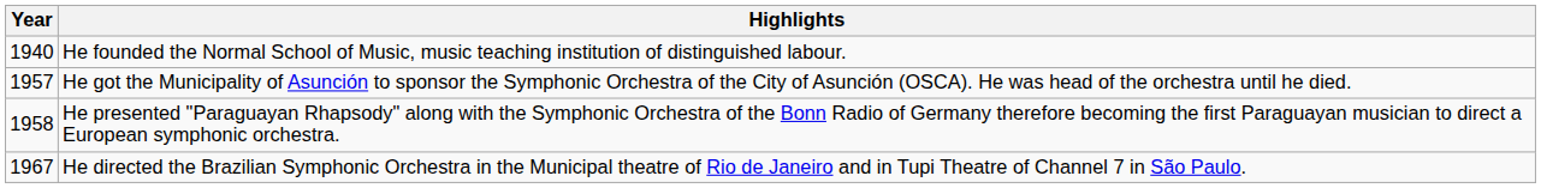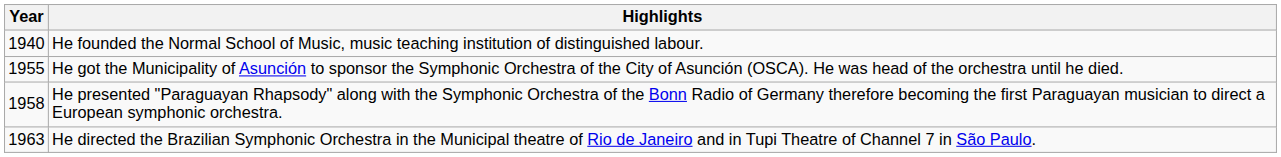 <table class="wikitable">
 <tr>
 <th>Year</th>
 <th>Highlights</th>
 </tr>
 <tr ------>
 <td>1940</td>
 <td>He founded the Normal School of Music, music teaching institution of distinguished labour.</td>
 </tr>
 <tr -------->
-<td>1957</td>
+<td>1955</td>
 <td>He got the Municipality of <a href='#'>Asunción</a> to sponsor the Symphonic Orchestra of the City of Asunción (OSCA). He was head of the orchestra until he died.</td>
 </tr>
 <tr -------->
 <td>1958</td>
 <td>He presented "Paraguayan Rhapsody" along with the Symphonic Orchestra of the <a href='#'>Bonn</a> Radio of Germany therefore becoming the first Paraguayan musician to direct a European symphonic orchestra.</td>
 </tr>
 <tr -------->
-<td>1967</td>
+<td>1963</td>
 <td>He directed the Brazilian Symphonic Orchestra in the Municipal theatre of <a href='#'>Rio de Janeiro</a> and in Tupi Theatre of Channel 7 in <a href='#'>São Paulo</a>.</td>
 </tr>
 </table>
